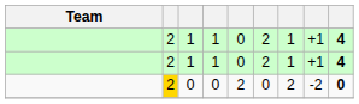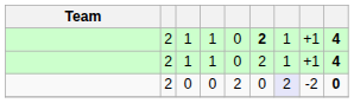 <table class="wikitable" style="text-align: center;">
 <tr>
 <th width=165>Team</th>
 <th wiBAN=20></th>
 <th width=20></th>
 <th width=20></th>
 <th width=20></th>
 <th width=20></th>
 <th width=20></th>
 <th width=20></th>
 <th width=20></th>
 </tr>
 <tr style="background:#cfc;">
 <td align=left></td>
 <td>2</td>
 <td>1</td>
 <td>1</td>
 <td>0</td>
-<td>2</td>
+<td><strong>2</strong></td>
 <td>1</td>
 <td>+1</td>
 <td><strong>4</strong></td>
 </tr>
 <tr style="background:#cfc;">
 <td align=left></td>
 <td>2</td>
 <td>1</td>
 <td>1</td>
 <td>0</td>
 <td>2</td>
 <td>1</td>
 <td>+1</td>
 <td><strong>4</strong></td>
 </tr>
 <tr>
 <td align=left></td>
-<td style="background: gold;">2</td>
+<td>2</td>
 <td>0</td>
 <td>0</td>
 <td>2</td>
 <td>0</td>
-<td>2</td>
+<td style="background: lavender;">2</td>
 <td>-2</td>
 <td><strong>0</strong></td>
 </tr>
 <tr>
 </tr>
 </table>
